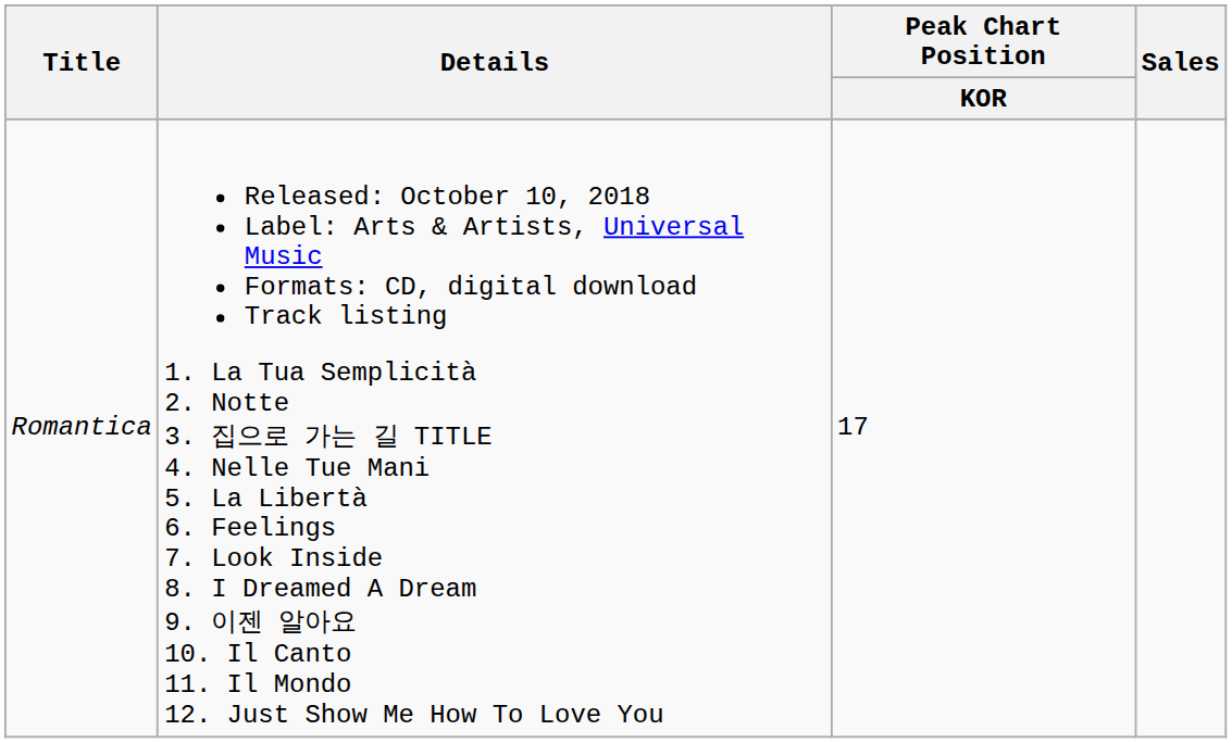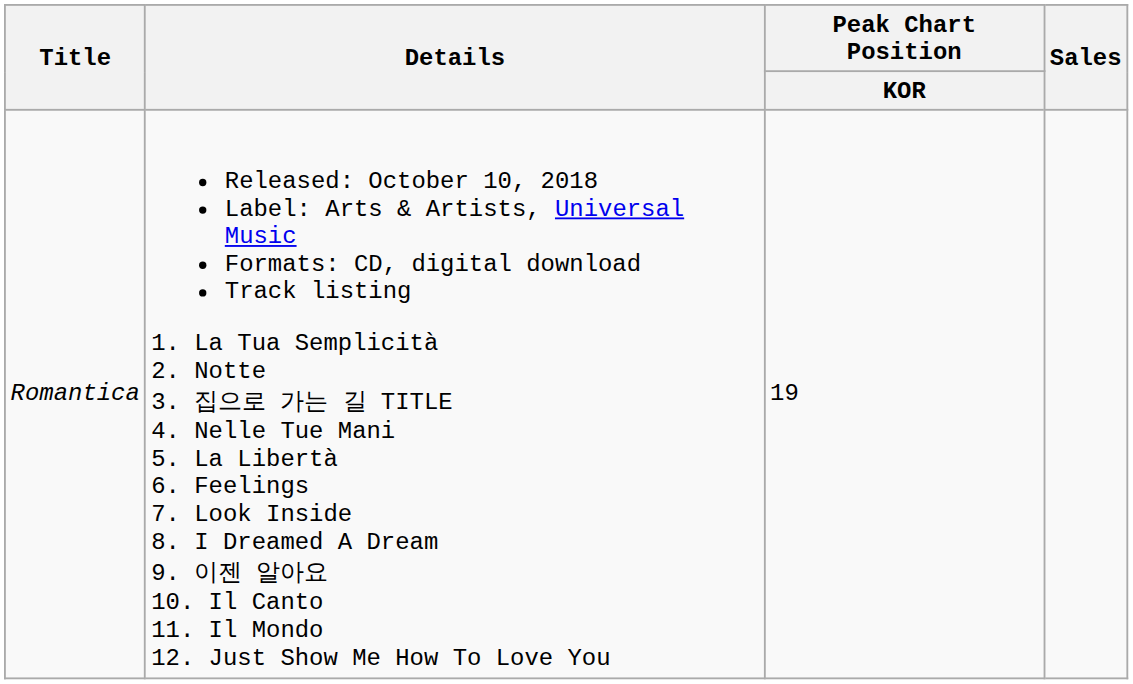 <table class="wikitable">
 <tr>
 <th rowspan="2"><strong>Title</strong></th>
 <th rowspan="2"><strong>Details</strong></th>
 <th><strong>Peak Chart Position</strong></th>
 <th rowspan="2"><strong>Sales</strong></th>
 </tr>
 <tr>
 <th><strong>KOR</strong></th>
 </tr>
 <tr>
 <td><em>Romantica</em></td>
 <td><br><ul><li>Released: October 10, 2018</li><li>Label: Arts & Artists, <a href='#'>Universal Music</a></li><li>Formats: CD, digital download</li><li>Track listing</li></ul><div> <div>1. La Tua Semplicità<br> 2. Notte<br> 3. 집으로 가는 길 TITLE<br> 4. Nelle Tue Mani<br> 5. La Libertà<br> 6. Feelings<br> 7. Look Inside<br> 8. I Dreamed A Dream<br> 9. 이젠 알아요<br> 10. Il Canto<br> 11. Il Mondo<br>12. Just Show Me How To Love You </div> </div></td>
-<td>17</td>
+<td>19</td>
 <td>　</td>
 </tr>
 </table>
